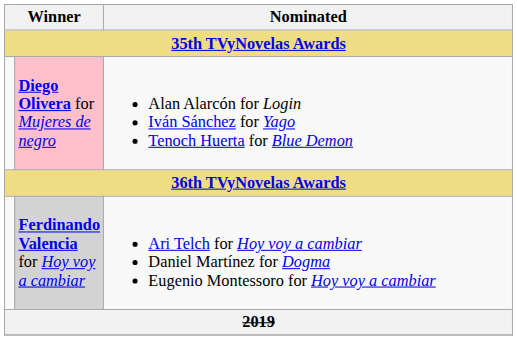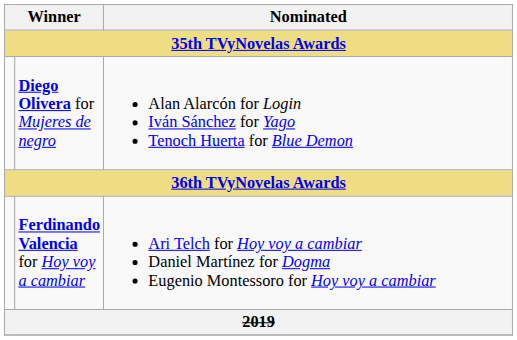 <table class="wikitable" width=80%>
 <tr align=center>
 <th width="150px;" colspan=2; align="center">Winner</th>
 <th width="580px;" align="center">Nominated</th>
 </tr>
 <tr>
 <th colspan=9 style="background:#EEDD82;"  align="center"><strong><a href='#'>35th TVyNovelas Awards</a></strong></th>
 </tr>
 <tr>
 <td width=2%></td>
-<td style="background: pink;"><strong><a href='#'>Diego Olivera</a></strong> for <em><a href='#'>Mujeres de negro</a></em></td>
+<td><strong><a href='#'>Diego Olivera</a></strong> for <em><a href='#'>Mujeres de negro</a></em></td>
 <td><br><ul><li>Alan Alarcón for <em>Login</em></li><li><a href='#'>Iván Sánchez</a> for <em><a href='#'>Yago</a></em></li><li><a href='#'>Tenoch Huerta</a> for <em><a href='#'>Blue Demon</a></em></li></ul></td>
 </tr>
 <tr>
 <th colspan=9 style="background:#EEDD82;"  align="center"><strong><a href='#'>36th TVyNovelas Awards</a></strong></th>
 </tr>
 <tr>
 <td width=2%></td>
-<td style="background: lightgrey;"><strong><a href='#'>Ferdinando Valencia</a></strong> for <em><a href='#'>Hoy voy a cambiar</a></em></td>
+<td><strong><a href='#'>Ferdinando Valencia</a></strong> for <em><a href='#'>Hoy voy a cambiar</a></em></td>
 <td><br><ul><li><a href='#'>Ari Telch</a> for <em><a href='#'>Hoy voy a cambiar</a></em></li><li>Daniel Martínez for <em><a href='#'>Dogma</a></em></li><li>Eugenio Montessoro for <em><a href='#'>Hoy voy a cambiar</a></em></li></ul></td>
 </tr>
 <tr>
 <th colspan=9  align="center"><s>2019</s></th>
 </tr>
 <tr>
 </tr>
 </table>
